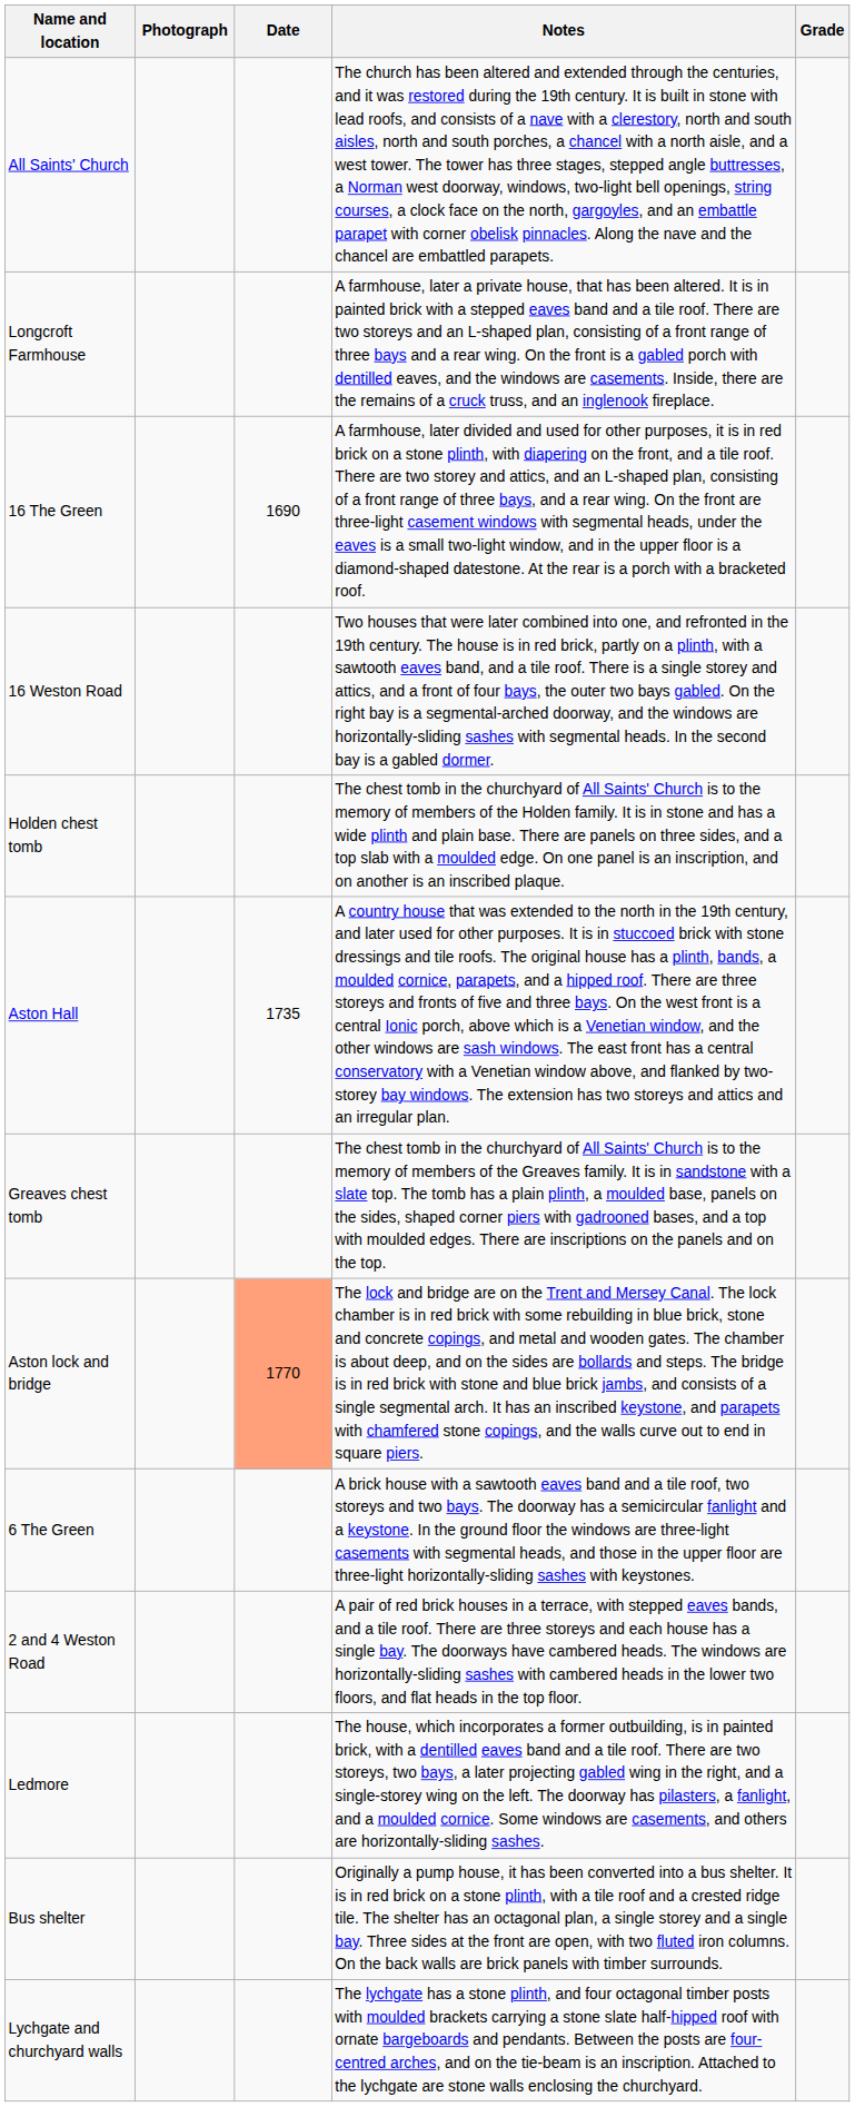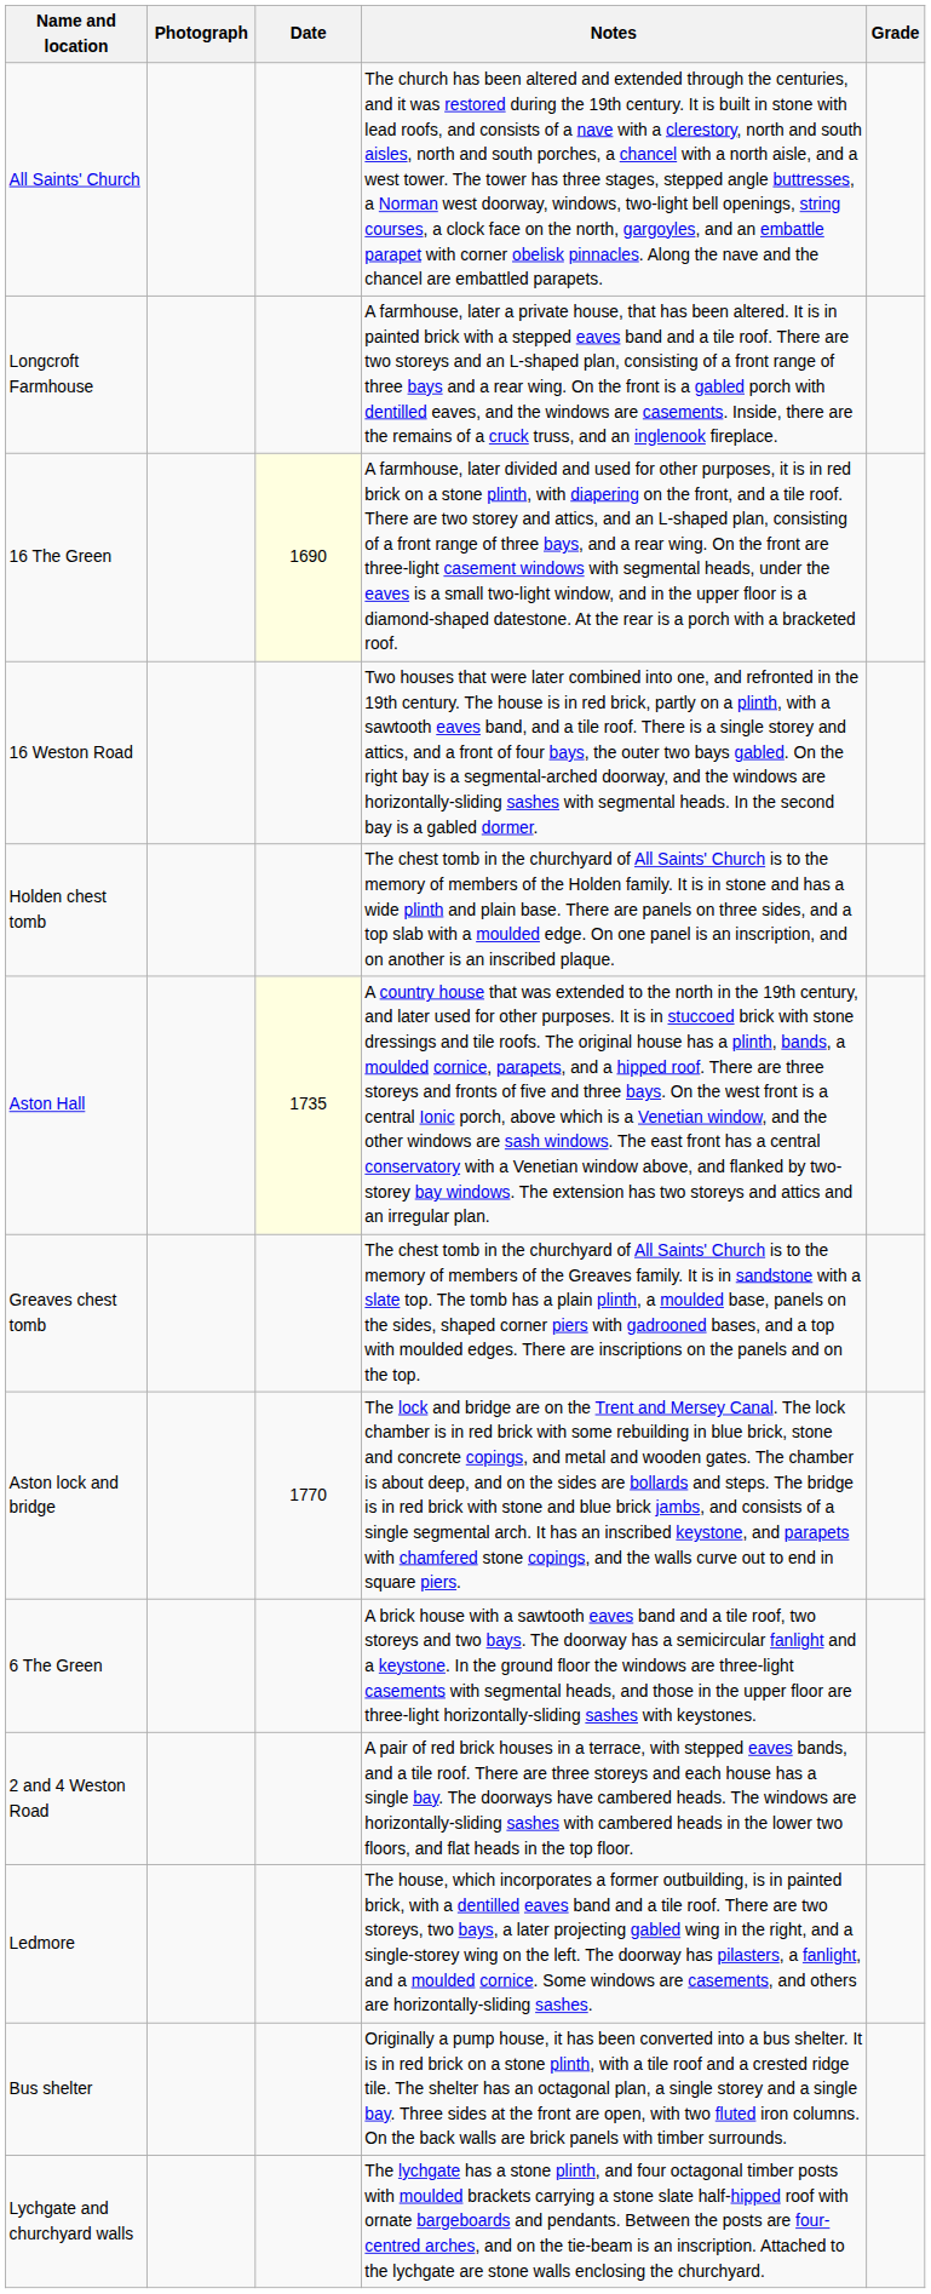 <table class="wikitable sortable plainrowheaders" style="width:100%; border:0; text-align:left; line-height:150%;">
 <tr>
 <th scope="col"  style="width:150px">Name and location</th>
 <th scope="col"  style="width:100px" class="unsortable">Photograph</th>
 <th scope="col"  style="width:120px">Date</th>
 <th scope="col"  style="width:650px" class="unsortable">Notes</th>
 <th scope="col"  style="width:50px">Grade</th>
 </tr>
 <tr>
 <td><a href='#'>All Saints' Church</a><br><small></small></td>
 <td></td>
 <td align="center"></td>
 <td>The church has been altered and extended through the centuries, and it was <a href='#'>restored</a> during the 19th century.  It is built in stone with lead roofs, and consists of a <a href='#'>nave</a> with a <a href='#'>clerestory</a>, north and south <a href='#'>aisles</a>, north and south porches, a <a href='#'>chancel</a> with a north aisle, and a west tower.  The tower has three stages, stepped angle <a href='#'>buttresses</a>, a <a href='#'>Norman</a> west doorway, windows, two-light bell openings, <a href='#'>string courses</a>, a clock face on the north, <a href='#'>gargoyles</a>, and an <a href='#'>embattle</a> <a href='#'>parapet</a> with corner <a href='#'>obelisk</a> <a href='#'>pinnacles</a>.  Along the nave and the chancel are embattled parapets.</td>
 <td align="center" ></td>
 </tr>
 <tr>
 <td>Longcroft Farmhouse<br><small></small></td>
 <td></td>
 <td align="center"></td>
 <td>A farmhouse, later a private house, that has been altered.  It is in painted brick with a stepped <a href='#'>eaves</a> band and a tile roof.  There are two storeys and an L-shaped plan, consisting of a front range of three <a href='#'>bays</a> and a rear wing.  On the front is a <a href='#'>gabled</a> porch with <a href='#'>dentilled</a> eaves, and the windows are <a href='#'>casements</a>.  Inside, there are the remains of a <a href='#'>cruck</a> truss, and an <a href='#'>inglenook</a> fireplace.</td>
 <td align="center" ></td>
 </tr>
 <tr>
 <td>16 The Green<br><small></small></td>
 <td></td>
-<td align="center">1690</td>
+<td align="center" style="background: lightyellow;">1690</td>
 <td>A farmhouse, later divided and used for other purposes, it is in red brick on a stone <a href='#'>plinth</a>, with <a href='#'>diapering</a> on the front, and a tile roof.  There are two storey and attics, and an L-shaped plan, consisting of a front range of three <a href='#'>bays</a>, and a rear wing.  On the front are three-light <a href='#'>casement windows</a> with segmental heads, under the <a href='#'>eaves</a> is a small two-light window, and in the upper floor is a diamond-shaped datestone.  At the rear is a porch with a bracketed roof.</td>
 <td align="center" ></td>
 </tr>
 <tr>
 <td>16 Weston Road<br><small></small></td>
 <td></td>
 <td align="center"></td>
 <td>Two houses that were later combined into one, and refronted in the 19th century.  The house is in red brick, partly on a <a href='#'>plinth</a>, with a sawtooth <a href='#'>eaves</a> band, and a tile roof.  There is a single storey and attics, and a front of four <a href='#'>bays</a>, the outer two bays <a href='#'>gabled</a>.  On the right bay is a segmental-arched doorway, and the windows are horizontally-sliding <a href='#'>sashes</a> with segmental heads.  In the second bay is a gabled <a href='#'>dormer</a>.</td>
 <td align="center" ></td>
 </tr>
 <tr>
 <td>Holden chest tomb<br><small></small></td>
 <td></td>
 <td align="center"></td>
 <td>The chest tomb in the churchyard of <a href='#'>All Saints' Church</a> is to the memory of members of the Holden family.  It is in stone and has a wide <a href='#'>plinth</a> and  plain base.  There are panels on three sides, and a top slab  with a <a href='#'>moulded</a> edge.  On one panel is an inscription, and on another is an inscribed plaque.</td>
 <td align="center" ></td>
 </tr>
 <tr>
 <td><a href='#'>Aston Hall</a><br><small></small></td>
 <td></td>
-<td align="center">1735</td>
+<td align="center" style="background: lightyellow;">1735</td>
 <td>A <a href='#'>country house</a> that was extended to the north in the 19th century, and later used for other purposes.  It is in <a href='#'>stuccoed</a> brick with stone dressings and tile roofs.  The original house has a <a href='#'>plinth</a>, <a href='#'>bands</a>, a <a href='#'>moulded</a> <a href='#'>cornice</a>, <a href='#'>parapets</a>, and a <a href='#'>hipped roof</a>.  There are three storeys and fronts of five and three <a href='#'>bays</a>.  On the west front is a central <a href='#'>Ionic</a> porch, above which is a <a href='#'>Venetian window</a>, and the other windows are <a href='#'>sash windows</a>.  The east front has a central <a href='#'>conservatory</a> with a Venetian window above, and flanked by two-storey <a href='#'>bay windows</a>.  The extension has two storeys and attics and an irregular plan.</td>
 <td align="center" ></td>
 </tr>
 <tr>
 <td>Greaves chest tomb<br><small></small></td>
 <td></td>
 <td align="center"></td>
 <td>The chest tomb in the churchyard of <a href='#'>All Saints' Church</a> is to the memory of members of the Greaves family.  It is in <a href='#'>sandstone</a> with a <a href='#'>slate</a> top.  The tomb has a plain <a href='#'>plinth</a>, a <a href='#'>moulded</a> base, panels on the sides, shaped corner <a href='#'>piers</a> with <a href='#'>gadrooned</a> bases, and a top with moulded edges.  There are inscriptions on the panels and on the top.</td>
 <td align="center" ></td>
 </tr>
 <tr>
 <td>Aston lock and bridge<br><small></small></td>
 <td></td>
-<td align="center" style="background: lightsalmon;">1770</td>
+<td align="center">1770</td>
 <td>The <a href='#'>lock</a> and bridge are on the <a href='#'>Trent and Mersey Canal</a>.  The lock chamber is in red brick with some rebuilding in blue brick, stone and concrete <a href='#'>copings</a>, and metal and wooden gates.  The chamber is about  deep, and on the sides are <a href='#'>bollards</a> and steps.  The bridge is in red brick with stone and blue brick <a href='#'>jambs</a>, and consists of a single segmental arch.  It has an inscribed <a href='#'>keystone</a>, and <a href='#'>parapets</a> with <a href='#'>chamfered</a> stone <a href='#'>copings</a>, and the walls curve out to end in square <a href='#'>piers</a>.</td>
 <td align="center" ></td>
 </tr>
 <tr>
 <td>6 The Green<br><small></small></td>
 <td></td>
 <td align="center"></td>
 <td>A brick house with a sawtooth <a href='#'>eaves</a> band and a tile roof, two storeys and two <a href='#'>bays</a>.  The doorway has a semicircular <a href='#'>fanlight</a> and a <a href='#'>keystone</a>.  In the ground floor the windows are three-light <a href='#'>casements</a> with segmental heads, and those in the upper floor are three-light horizontally-sliding <a href='#'>sashes</a> with keystones.</td>
 <td align="center" ></td>
 </tr>
 <tr>
 <td>2 and 4 Weston Road<br><small></small></td>
 <td></td>
 <td align="center"></td>
 <td>A pair of red brick houses in a terrace, with stepped <a href='#'>eaves</a> bands, and a tile roof.  There are three storeys and each house has a single <a href='#'>bay</a>.  The doorways have cambered heads.  The windows are horizontally-sliding <a href='#'>sashes</a> with cambered heads in the lower two floors, and flat heads in the top floor.</td>
 <td align="center" ></td>
 </tr>
 <tr>
 <td>Ledmore<br><small></small></td>
 <td></td>
 <td align="center"></td>
 <td>The house, which incorporates a former outbuilding, is in painted brick, with a <a href='#'>dentilled</a> <a href='#'>eaves</a> band and a tile roof.  There are two storeys, two <a href='#'>bays</a>, a later projecting <a href='#'>gabled</a> wing in the right, and a single-storey wing on the left.  The doorway has <a href='#'>pilasters</a>, a <a href='#'>fanlight</a>, and a <a href='#'>moulded</a> <a href='#'>cornice</a>. Some windows are <a href='#'>casements</a>, and others are horizontally-sliding <a href='#'>sashes</a>.</td>
 <td align="center" ></td>
 </tr>
 <tr>
 <td>Bus shelter<br><small></small></td>
 <td></td>
 <td align="center"></td>
 <td>Originally a pump house, it has been converted into a bus shelter.  It is in red brick on a stone <a href='#'>plinth</a>, with a tile roof and a crested ridge tile.  The shelter has an octagonal plan, a single storey and a single <a href='#'>bay</a>.  Three sides at the front are open, with two <a href='#'>fluted</a> iron columns.  On the back walls are brick panels with timber surrounds.</td>
 <td align="center" ></td>
 </tr>
 <tr>
 <td>Lychgate and churchyard walls<br><small></small></td>
 <td></td>
 <td align="center"></td>
 <td>The <a href='#'>lychgate</a> has a stone <a href='#'>plinth</a>, and four octagonal timber posts with <a href='#'>moulded</a> brackets carrying a stone slate half-<a href='#'>hipped</a> roof with ornate <a href='#'>bargeboards</a> and pendants.  Between the posts are <a href='#'>four-centred arches</a>, and on the tie-beam is an inscription.  Attached to the lychgate are stone walls enclosing the churchyard.</td>
 <td align="center" ></td>
 </tr>
 <tr>
 </tr>
 </table>
